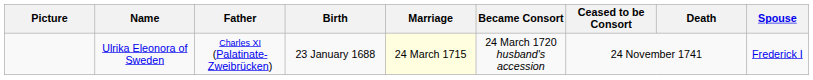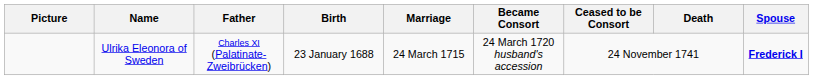 <table style="width:95%;" class="wikitable">
 <tr>
 <th style="width:9%;">Picture</th>
 <th style="width:10%;">Name</th>
 <th style="width:9%;">Father</th>
 <th style="width:10%;">Birth</th>
 <th style="width:9%;">Marriage</th>
 <th style="width:9%;">Became Consort</th>
 <th style="width:9%;">Ceased to be Consort</th>
 <th style="width:9%;">Death</th>
 <th style="width:6%;"><a href='#'>Spouse</a></th>
 </tr>
 <tr>
 <td style="text-align:center;"></td>
 <td style="text-align:center;"><a href='#'>Ulrika Eleonora of Sweden</a><br></td>
 <td style="text-align:center;"><small><a href='#'>Charles XI</a></small><br>(<a href='#'>Palatinate-Zweibrücken</a>)</td>
 <td style="text-align:center;">23 January 1688</td>
-<td style="background: lightyellow; text-align:center;">24 March 1715</td>
+<td style="text-align:center;">24 March 1715</td>
 <td style="text-align:center;">24 March 1720 <br><em>husband's accession</em></td>
 <td style="text-align:center;" colspan="2">24 November 1741</td>
-<td style="text-align:center;"><a href='#'>Frederick I</a></td>
+<td style="text-align:center;"><strong><a href='#'>Frederick I</a></strong></td>
 </tr>
 </table>
